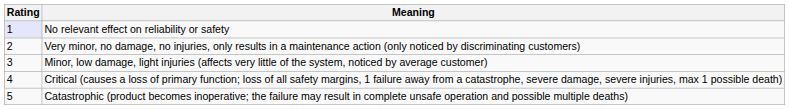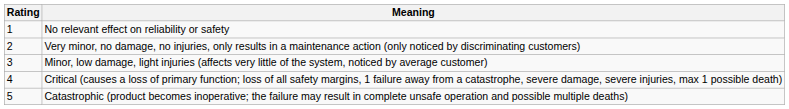 <table class="wikitable">
 <tr>
 <th>Rating</th>
 <th>Meaning</th>
 </tr>
 <tr>
-<td style="background: lavender;">1</td>
+<td>1</td>
 <td>No relevant effect on reliability or safety</td>
 </tr>
 <tr>
 <td>2</td>
 <td>Very minor, no damage, no injuries, only results in a maintenance action (only noticed by discriminating customers)</td>
 </tr>
 <tr>
 <td>3</td>
 <td>Minor, low damage, light injuries (affects very little of the system, noticed by average customer)</td>
 </tr>
 <tr>
 <td>4</td>
 <td>Critical (causes a loss of primary function; loss of all safety margins, 1 failure away from a catastrophe, severe damage, severe injuries, max 1 possible death)</td>
 </tr>
 <tr>
 <td>5</td>
 <td>Catastrophic (product becomes inoperative; the failure may result in complete unsafe operation and possible multiple deaths)</td>
 </tr>
 </table>
